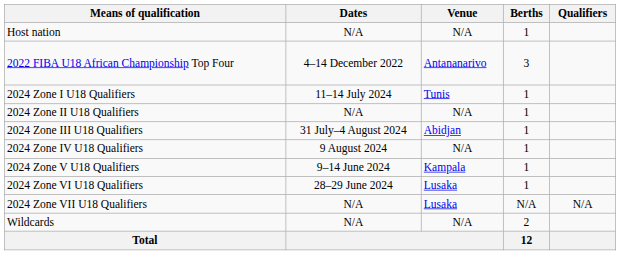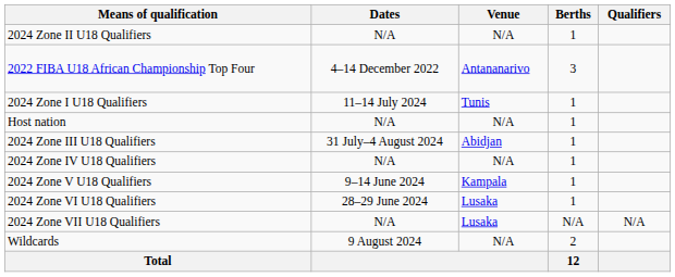 <table class="wikitable" style="width:850px;">
 <tr>
 <th>Means of qualification</th>
 <th>Dates</th>
 <th>Venue</th>
 <th>Berths</th>
 <th>Qualifiers</th>
 </tr>
 <tr>
-<td>Host nation</td>
+<td>2024 Zone II U18 Qualifiers</td>
 <td style="text-align:center;">N/A</td>
 <td style="text-align:center;">N/A</td>
 <td style="text-align:center;">1</td>
 <td></td>
 </tr>
 <tr>
 <td><a href='#'>2022 FIBA U18 African Championship</a> Top Four</td>
 <td style="text-align:center;">4–14 December 2022</td>
 <td> <a href='#'>Antananarivo</a></td>
 <td style="text-align:center;">3</td>
 <td><br><s></s><br><br></td>
 </tr>
 <tr>
 <td>2024 Zone I U18 Qualifiers</td>
 <td style="text-align:center;">11–14 July 2024</td>
 <td> <a href='#'>Tunis</a></td>
 <td style="text-align:center;">1</td>
 <td></td>
 </tr>
 <tr>
-<td>2024 Zone II U18 Qualifiers</td>
+<td>Host nation</td>
 <td style="text-align:center;">N/A</td>
 <td style="text-align:center;">N/A</td>
 <td style="text-align:center;">1</td>
 <td></td>
 </tr>
 <tr>
 <td>2024 Zone III U18 Qualifiers</td>
 <td style="text-align:center;">31 July–4 August 2024</td>
 <td> <a href='#'>Abidjan</a></td>
 <td style="text-align:center;">1</td>
 <td></td>
 </tr>
 <tr>
 <td>2024 Zone IV U18 Qualifiers</td>
-<td style="text-align:center;">9 August 2024</td>
+<td style="text-align:center;">N/A</td>
 <td style="text-align:center;">N/A</td>
 <td style="text-align:center;">1</td>
 <td></td>
 </tr>
 <tr>
 <td>2024 Zone V U18 Qualifiers</td>
 <td style="text-align:center;">9–14 June 2024</td>
 <td> <a href='#'>Kampala</a></td>
 <td style="text-align:center;">1</td>
 <td></td>
 </tr>
 <tr>
 <td>2024 Zone VI U18 Qualifiers</td>
 <td style="text-align:center;">28–29 June 2024</td>
 <td> <a href='#'>Lusaka</a></td>
 <td style="text-align:center;">1</td>
 <td></td>
 </tr>
 <tr>
 <td>2024 Zone VII U18 Qualifiers</td>
 <td style="text-align:center;">N/A</td>
 <td> <a href='#'>Lusaka</a></td>
 <td style="text-align:center;">N/A</td>
 <td style="text-align:center;">N/A</td>
 </tr>
 <tr>
 <td>Wildcards</td>
-<td style="text-align:center;">N/A</td>
+<td style="text-align:center;">9 August 2024</td>
 <td style="text-align:center;">N/A</td>
 <td style="text-align:center;">2</td>
 <td><br></td>
 </tr>
 <tr>
 <th>Total</th>
 <th colspan="2"></th>
 <th>12</th>
 <th></th>
 </tr>
 </table>
